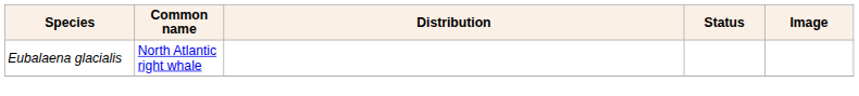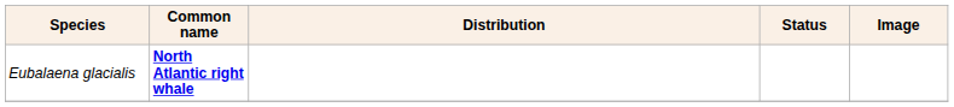 <table class="sortable wikitable plainrowheaders" border="0" style="background:#ffffff" align="top" class="sortable wikitable">
 <tr ->
 <th scope="col" style="background-color:Linen; color:Black" width=150 px>Species</th>
 <th scope="col" style="background-color:Linen; color:Black" width=100 px>Common name</th>
 <th scope="col" style="background:Linen; color:Black" width=550 px>Distribution</th>
 <th scope="col" style="background-color:Linen; color:Black" width=90 px>Status</th>
 <th scope="col" style="background:Linen; color:Black" width=100 px>Image</th>
 </tr>
 <tr>
 <td !scope="row" style="background:#ffffff"><em>Eubalaena glacialis</em></td>
-<td><a href='#'>North Atlantic right whale</a></td>
+<td><strong><a href='#'>North Atlantic right whale</a></strong></td>
 <td></td>
 <td></td>
 <td></td>
 </tr>
 <tr>
 </tr>
 </table>
